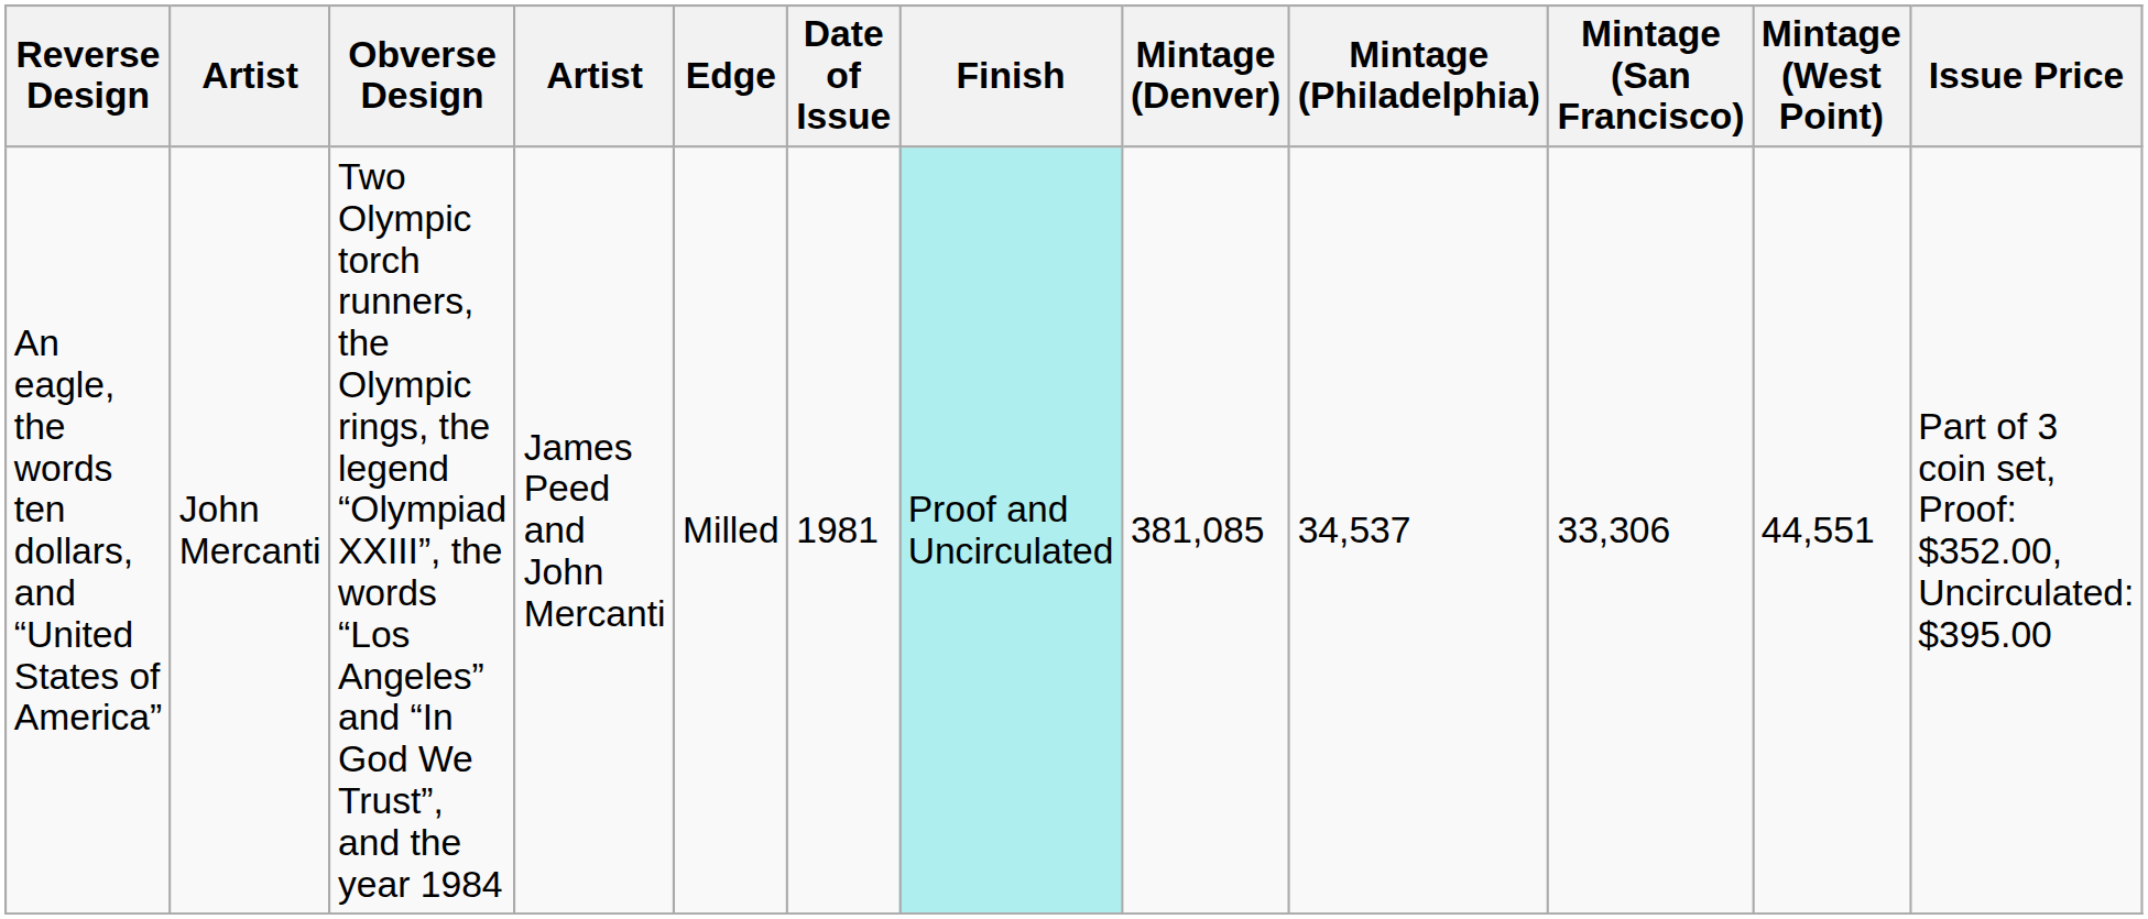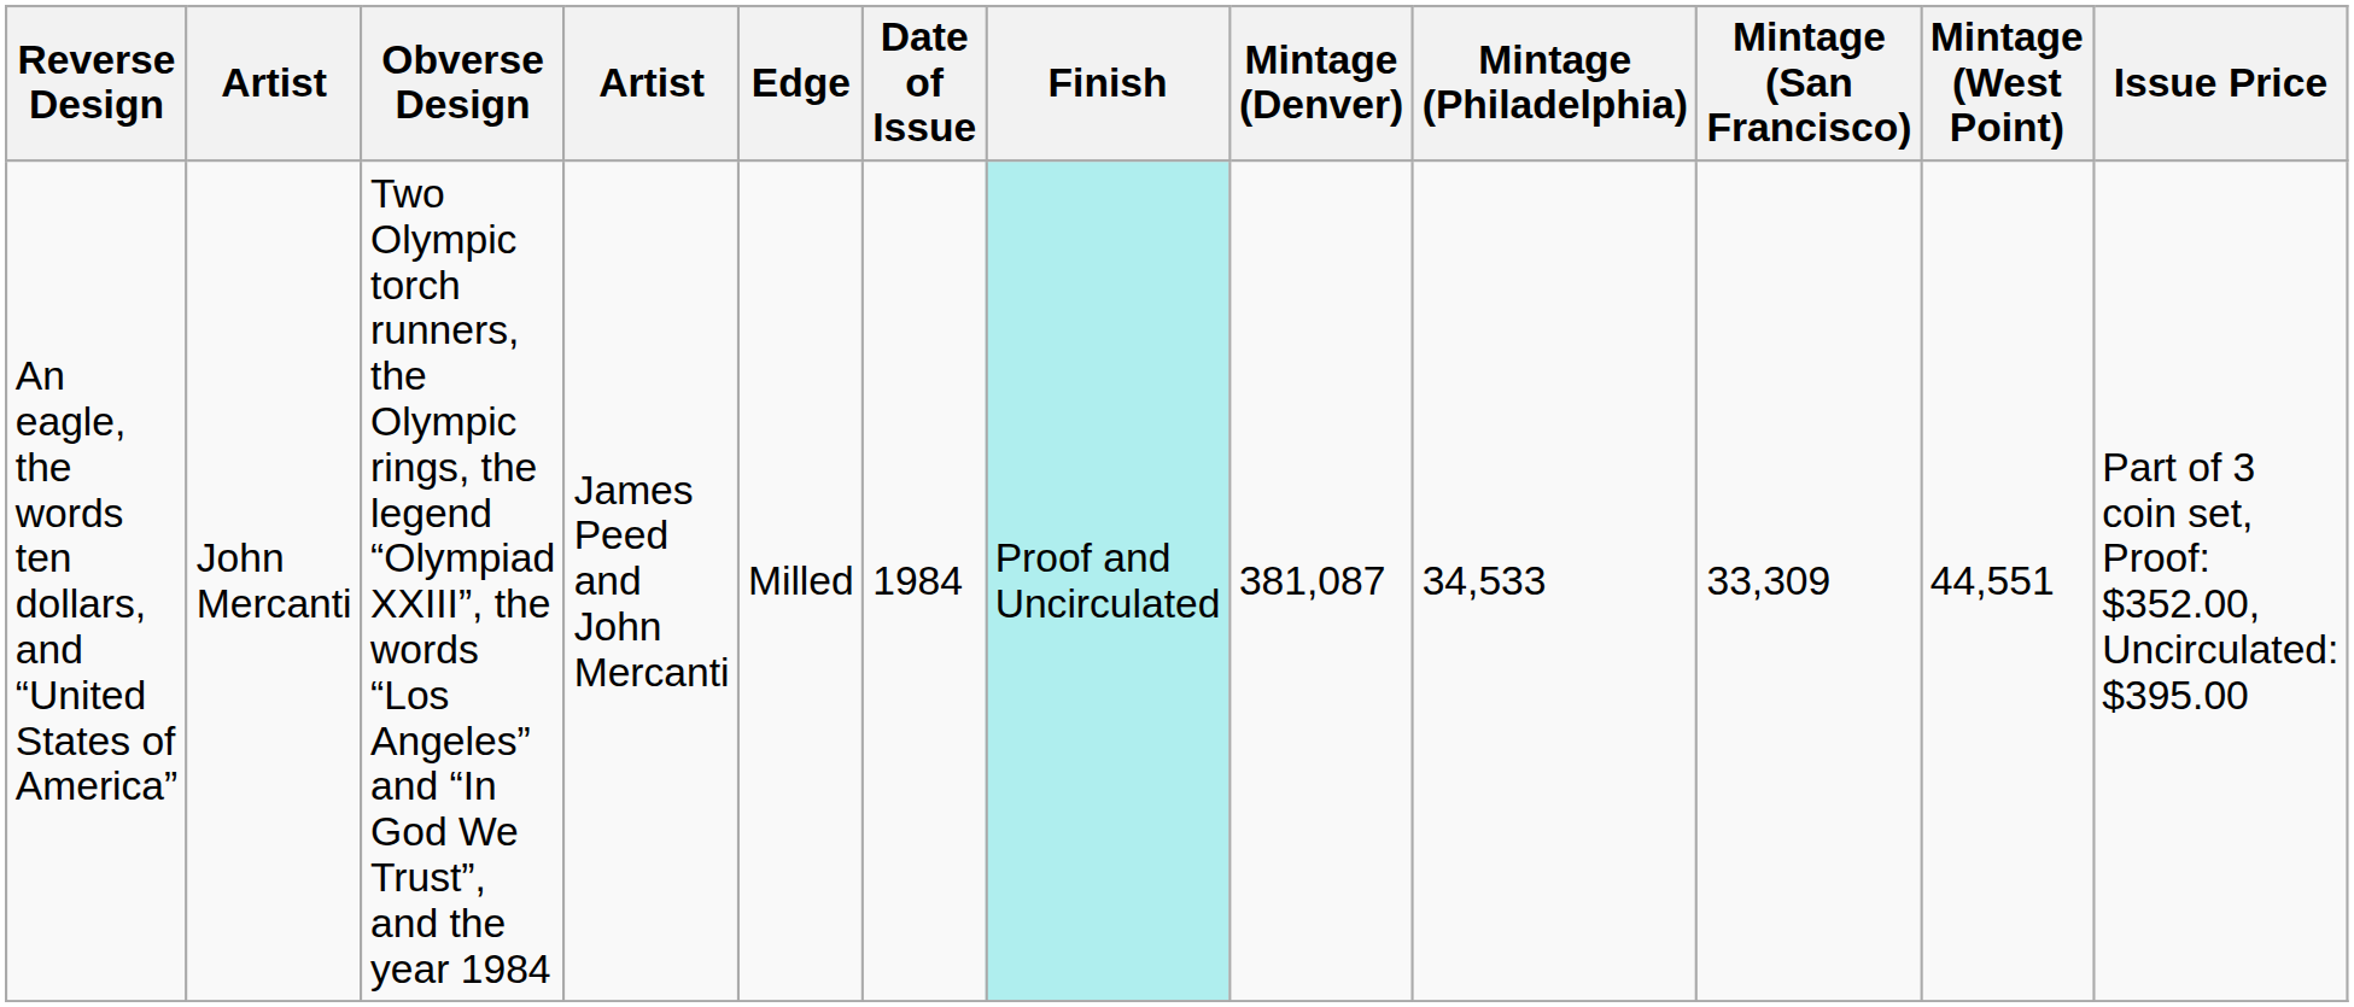 <table class="wikitable">
 <tr>
 <th>Reverse Design</th>
 <th>Artist</th>
 <th>Obverse Design</th>
 <th>Artist</th>
 <th>Edge</th>
 <th>Date of Issue</th>
 <th>Finish</th>
 <th>Mintage (Denver)</th>
 <th>Mintage (Philadelphia)</th>
 <th>Mintage (San Francisco)</th>
 <th>Mintage (West Point)</th>
 <th>Issue Price</th>
 </tr>
 <tr>
 <td>An eagle, the words ten dollars, and “United States of America”</td>
 <td>John Mercanti</td>
 <td>Two Olympic torch runners, the Olympic rings, the legend “Olympiad XXIII”, the words “Los Angeles” and “In God We Trust”, and the year 1984</td>
 <td>James Peed and John Mercanti</td>
 <td>Milled</td>
-<td>1981</td>
+<td>1984</td>
 <td style="background: paleturquoise;">Proof and Uncirculated</td>
-<td>381,085</td>
-<td>34,537</td>
-<td>33,306</td>
+<td>381,087</td>
+<td>34,533</td>
+<td>33,309</td>
 <td>44,551</td>
 <td>Part of 3 coin set, Proof: $352.00, Uncirculated: $395.00</td>
 </tr>
 <tr>
 </tr>
 </table>
